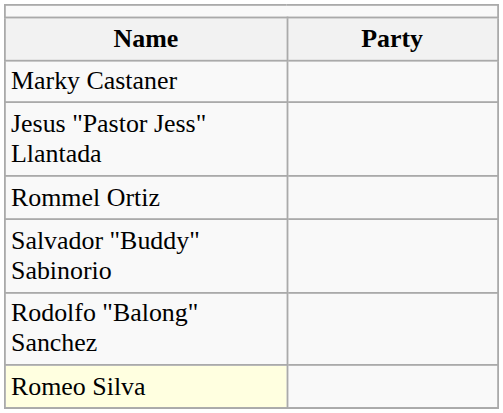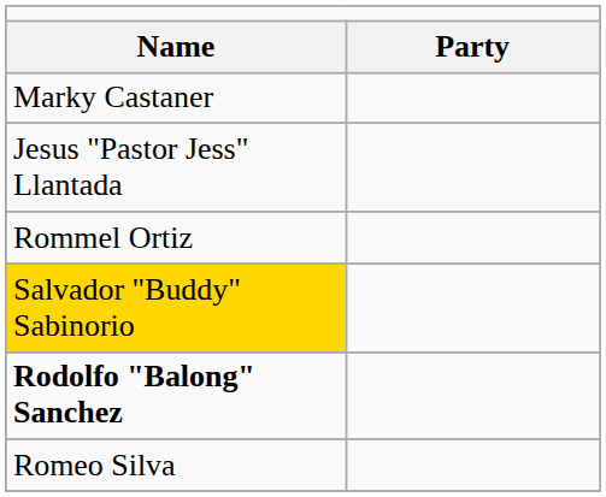 <table class=wikitable style="font-size:90%">
 <tr>
 <td colspan="4" bgcolor=></td>
 </tr>
 <tr>
 <th width=150px>Name</th>
 <th colspan="2" width=110px>Party</th>
 </tr>
 <tr>
 <td>Marky Castaner</td>
 <td></td>
 </tr>
 <tr>
 <td>Jesus "Pastor Jess" Llantada</td>
 <td></td>
 </tr>
 <tr>
 <td>Rommel Ortiz</td>
 <td></td>
 </tr>
 <tr>
-<td>Salvador "Buddy" Sabinorio</td>
+<td style="background: gold;">Salvador "Buddy" Sabinorio</td>
 <td></td>
 </tr>
 <tr>
-<td>Rodolfo "Balong" Sanchez</td>
+<td><strong>Rodolfo "Balong" Sanchez</strong></td>
 <td></td>
 </tr>
 <tr>
-<td style="background: lightyellow;">Romeo Silva</td>
+<td>Romeo Silva</td>
 <td></td>
 </tr>
 <tr>
 </tr>
 </table>
